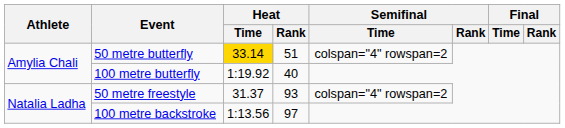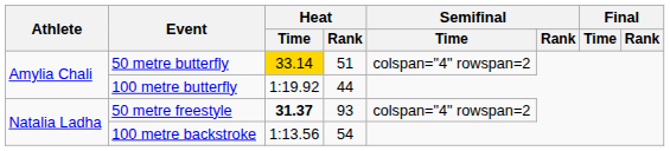 <table class="wikitable" style="text-align:center; font-size:90%; width:50%;">
 <tr>
 <th rowspan="2">Athlete</th>
 <th rowspan="2">Event</th>
 <th colspan="2">Heat</th>
 <th colspan="2">Semifinal</th>
 <th colspan="2">Final</th>
 </tr>
 <tr style="font-size:95%">
 <th>Time</th>
 <th>Rank</th>
 <th>Time</th>
 <th>Rank</th>
 <th>Time</th>
 <th>Rank</th>
 </tr>
 <tr>
 <td align=left rowspan=2><a href='#'>Amylia Chali</a></td>
 <td align=left><a href='#'>50 metre butterfly</a></td>
 <td style="background: gold;">33.14</td>
 <td>51</td>
 <td>colspan="4" rowspan=2</td>
 </tr>
 <tr>
 <td align=left><a href='#'>100 metre butterfly</a></td>
 <td>1:19.92</td>
-<td>40</td>
+<td>44</td>
 </tr>
 <tr>
 <td align=left rowspan=2><a href='#'>Natalia Ladha</a></td>
 <td align=left><a href='#'>50 metre freestyle</a></td>
-<td>31.37</td>
+<td><strong>31.37</strong></td>
 <td>93</td>
 <td>colspan="4" rowspan=2 </td>
 </tr>
 <tr>
 <td align=left><a href='#'>100 metre backstroke</a></td>
 <td>1:13.56</td>
-<td>97</td>
+<td>54</td>
 </tr>
 </table>
